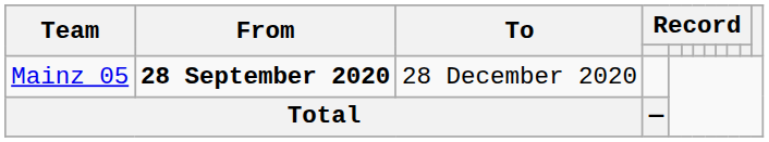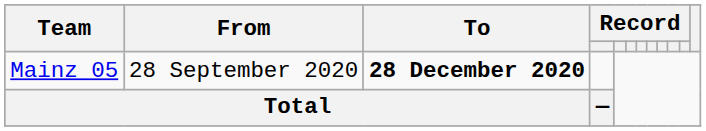 <table class="wikitable" style="text-align: center">
 <tr>
 <th rowspan="2">Team</th>
 <th rowspan="2">From</th>
 <th rowspan="2">To</th>
 <th colspan="8">Record</th>
 <th rowspan="2"></th>
 </tr>
 <tr>
 <th></th>
 <th></th>
 <th></th>
 <th></th>
 <th></th>
 <th></th>
 <th></th>
 <th></th>
 </tr>
 <tr>
 <td><a href='#'>Mainz 05</a></td>
-<td><strong>28 September 2020</strong></td>
-<td>28 December 2020<br></td>
+<td>28 September 2020</td>
+<td><strong>28 December 2020<br></strong></td>
 <td></td>
 </tr>
 <tr>
 <th colspan="3">Total<br></th>
 <th>—</th>
 </tr>
 </table>
